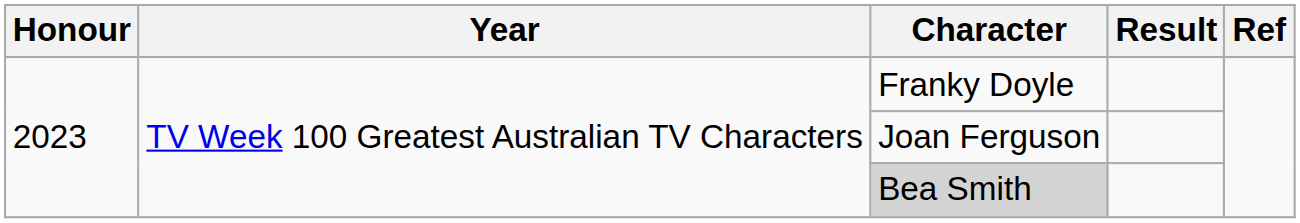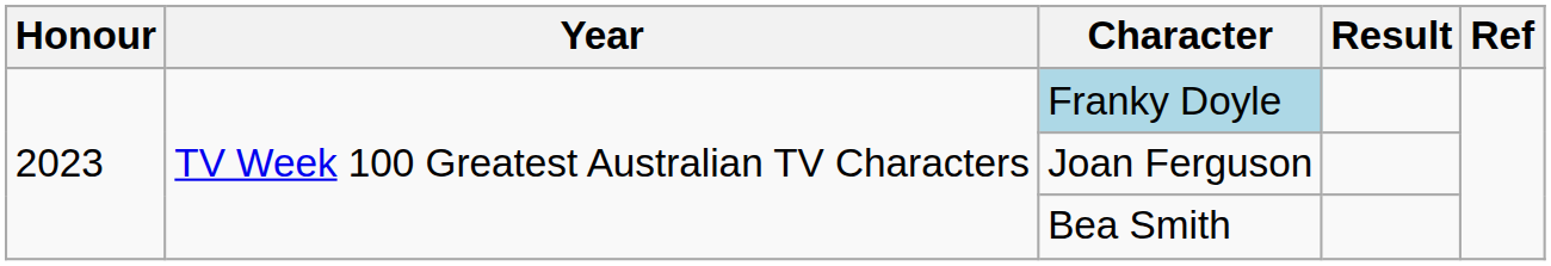 <table class="wikitable">
 <tr>
 <th>Honour</th>
 <th>Year</th>
 <th>Character</th>
 <th>Result</th>
 <th>Ref</th>
 </tr>
 <tr>
 <td rowspan="3">2023</td>
 <td rowspan="3"><a href='#'>TV Week</a> 100 Greatest Australian TV Characters</td>
-<td>Franky Doyle</td>
+<td style="background: lightblue;">Franky Doyle</td>
 <td></td>
 <td align="center" rowspan="3"></td>
 </tr>
 <tr>
 <td>Joan Ferguson</td>
 <td></td>
 </tr>
 <tr>
-<td style="background: lightgrey;">Bea Smith</td>
+<td>Bea Smith</td>
 <td></td>
 </tr>
 </table>
